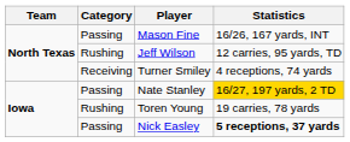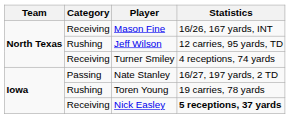 <table class="wikitable" style="float: left;">
 <tr>
 <th>Team</th>
 <th>Category</th>
 <th>Player</th>
 <th>Statistics</th>
 </tr>
 <tr>
 <td rowspan=3><strong>North Texas</strong></td>
-<td>Passing</td>
+<td>Receiving</td>
 <td><a href='#'>Mason Fine</a></td>
 <td>16/26, 167 yards, INT</td>
 </tr>
 <tr>
 <td>Rushing</td>
 <td><a href='#'>Jeff Wilson</a></td>
 <td>12 carries, 95 yards, TD</td>
 </tr>
 <tr>
 <td>Receiving</td>
 <td>Turner Smiley</td>
 <td>4 receptions, 74 yards</td>
 </tr>
 <tr>
 <td rowspan=3><strong>Iowa</strong></td>
 <td>Passing</td>
 <td>Nate Stanley</td>
-<td style="background: gold;">16/27, 197 yards, 2 TD</td>
+<td>16/27, 197 yards, 2 TD</td>
 </tr>
 <tr>
 <td>Rushing</td>
 <td>Toren Young</td>
 <td>19 carries, 78 yards</td>
 </tr>
 <tr>
-<td>Passing</td>
+<td>Receiving</td>
 <td><a href='#'>Nick Easley</a></td>
 <td><strong>5 receptions, 37 yards</strong></td>
 </tr>
 </table>
